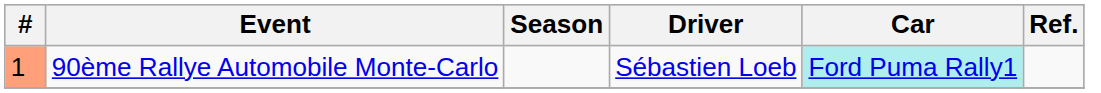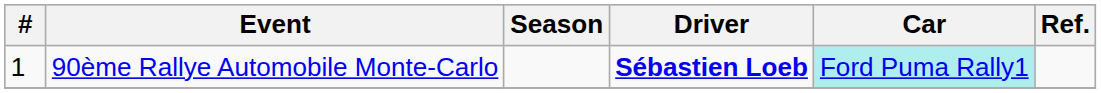 <table class="wikitable">
 <tr>
 <th> # </th>
 <th>Event</th>
 <th>Season</th>
 <th>Driver</th>
 <th>Car</th>
 <th>Ref.</th>
 </tr>
 <tr>
-<td style="background: lightsalmon;">1</td>
+<td>1</td>
 <td> <a href='#'>90ème Rallye Automobile Monte-Carlo</a></td>
 <td></td>
-<td> <a href='#'>Sébastien Loeb</a></td>
+<td><strong> <a href='#'>Sébastien Loeb</a></strong></td>
 <td style="background: paleturquoise;"><a href='#'>Ford Puma Rally1</a></td>
 <td align="center"></td>
 </tr>
 <tr>
 </tr>
 </table>
